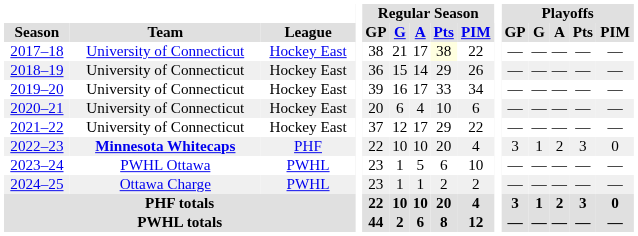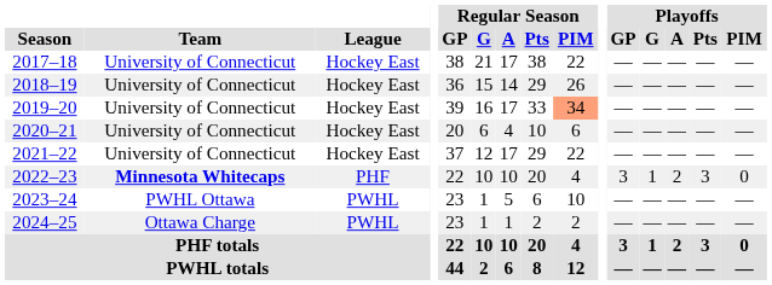 <table border="0" cellpadding="1" cellspacing="0" style="text-align:center; width:75%">
 <tr bgcolor="#e0e0e0">
 <th colspan="3"  bgcolor="#ffffff"> </th>
 <th rowspan="99" bgcolor="#ffffff"> </th>
 <th colspan="5">Regular Season</th>
 <th rowspan="99" bgcolor="#ffffff"> </th>
 <th colspan="5">Playoffs</th>
 </tr>
 <tr bgcolor="#e0e0e0">
 <th>Season</th>
 <th>Team</th>
 <th>League</th>
 <th>GP</th>
 <th><a href='#'>G</a></th>
 <th><a href='#'>A</a></th>
 <th><a href='#'>Pts</a></th>
 <th><a href='#'>PIM</a></th>
 <th>GP</th>
 <th>G</th>
 <th>A</th>
 <th>Pts</th>
 <th>PIM</th>
 </tr>
 <tr>
 <td><a href='#'>2017–18</a></td>
 <td><a href='#'>University of Connecticut</a></td>
 <td><a href='#'>Hockey East</a></td>
 <td>38</td>
 <td>21</td>
 <td>17</td>
-<td style="background: lightyellow;">38</td>
+<td>38</td>
 <td>22</td>
 <td>—</td>
 <td>—</td>
 <td>—</td>
 <td>—</td>
 <td>—</td>
 </tr>
 <tr bgcolor="#f0f0f0">
 <td><a href='#'>2018–19</a></td>
 <td>University of Connecticut</td>
 <td>Hockey East</td>
 <td>36</td>
 <td>15</td>
 <td>14</td>
 <td>29</td>
 <td>26</td>
 <td>—</td>
 <td>—</td>
 <td>—</td>
 <td>—</td>
 <td>—</td>
 </tr>
 <tr>
 <td><a href='#'>2019–20</a></td>
 <td>University of Connecticut</td>
 <td>Hockey East</td>
 <td>39</td>
 <td>16</td>
 <td>17</td>
 <td>33</td>
-<td>34</td>
+<td style="background: lightsalmon;">34</td>
 <td>—</td>
 <td>—</td>
 <td>—</td>
 <td>—</td>
 <td>—</td>
 </tr>
 <tr bgcolor="#f0f0f0">
 <td><a href='#'>2020–21</a></td>
 <td>University of Connecticut</td>
 <td>Hockey East</td>
 <td>20</td>
 <td>6</td>
 <td>4</td>
 <td>10</td>
 <td>6</td>
 <td>—</td>
 <td>—</td>
 <td>—</td>
 <td>—</td>
 <td>—</td>
 </tr>
 <tr>
 <td><a href='#'>2021–22</a></td>
 <td>University of Connecticut</td>
 <td>Hockey East</td>
 <td>37</td>
 <td>12</td>
 <td>17</td>
 <td>29</td>
 <td>22</td>
 <td>—</td>
 <td>—</td>
 <td>—</td>
 <td>—</td>
 <td>—</td>
 </tr>
 <tr bgcolor="#f0f0f0">
 <td><a href='#'>2022–23</a></td>
 <td><strong><a href='#'>Minnesota Whitecaps</a></strong></td>
 <td><a href='#'>PHF</a></td>
 <td>22</td>
 <td>10</td>
 <td>10</td>
 <td>20</td>
 <td>4</td>
 <td>3</td>
 <td>1</td>
 <td>2</td>
 <td>3</td>
 <td>0</td>
 </tr>
 <tr>
 <td><a href='#'>2023–24</a></td>
 <td><a href='#'>PWHL Ottawa</a></td>
 <td><a href='#'>PWHL</a></td>
 <td>23</td>
 <td>1</td>
 <td>5</td>
 <td>6</td>
 <td>10</td>
 <td>—</td>
 <td>—</td>
 <td>—</td>
 <td>—</td>
 <td>—</td>
 </tr>
 <tr bgcolor="#f0f0f0">
 <td><a href='#'>2024–25</a></td>
 <td><a href='#'>Ottawa Charge</a></td>
 <td><a href='#'>PWHL</a></td>
 <td>23</td>
 <td>1</td>
 <td>1</td>
 <td>2</td>
 <td>2</td>
 <td>—</td>
 <td>—</td>
 <td>—</td>
 <td>—</td>
 <td>—</td>
 </tr>
 <tr bgcolor="#e0e0e0">
 <th colspan="3">PHF totals</th>
 <th>22</th>
 <th>10</th>
 <th>10</th>
 <th>20</th>
 <th>4</th>
 <th>3</th>
 <th>1</th>
 <th>2</th>
 <th>3</th>
 <th>0</th>
 </tr>
 <tr bgcolor="#e0e0e0">
 <th colspan="3">PWHL totals</th>
 <th>44</th>
 <th>2</th>
 <th>6</th>
 <th>8</th>
 <th>12</th>
 <th>—</th>
 <th>—</th>
 <th>—</th>
 <th>—</th>
 <th>—</th>
 </tr>
 </table>
